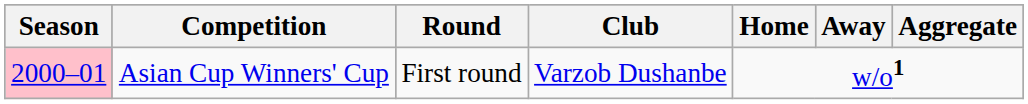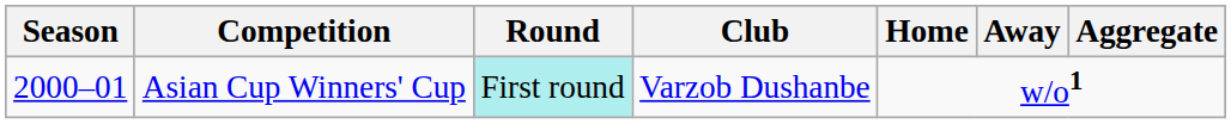 <table class="wikitable">
 <tr>
 <th>Season</th>
 <th>Competition</th>
 <th>Round</th>
 <th>Club</th>
 <th>Home</th>
 <th>Away</th>
 <th>Aggregate</th>
 </tr>
 <tr>
-<td rowspan="1" style="background: pink;"><a href='#'>2000–01</a></td>
+<td rowspan="1"><a href='#'>2000–01</a></td>
 <td rowspan="1"><a href='#'>Asian Cup Winners' Cup</a></td>
-<td rowspan="1">First round</td>
+<td rowspan="1" style="background: paleturquoise;">First round</td>
 <td> <a href='#'>Varzob Dushanbe</a></td>
 <td colspan=3; style="text-align:center;"><a href='#'>w/o</a><sup><strong>1</strong></sup></td>
 </tr>
 </table>
